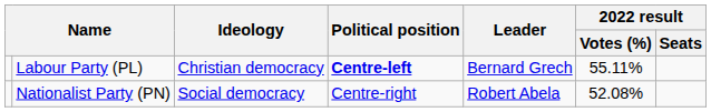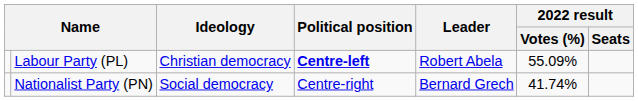 <table class="wikitable" style="text-align:left">
 <tr>
 <th colspan="2" rowspan="2">Name</th>
 <th rowspan="2">Ideology</th>
 <th rowspan="2">Political position</th>
 <th rowspan="2">Leader</th>
 <th colspan="2">2022 result</th>
 </tr>
 <tr>
 <th>Votes (%)</th>
 <th>Seats</th>
 </tr>
 <tr>
 <td style="background:"></td>
 <td><a href='#'>Labour Party</a> (PL)</td>
 <td><a href='#'>Christian democracy</a></td>
 <td><strong><a href='#'>Centre-left</a></strong></td>
-<td><a href='#'>Bernard Grech</a></td>
-<td style="text-align:center;">55.11%</td>
+<td><a href='#'>Robert Abela</a></td>
+<td style="text-align:center;">55.09%</td>
 <td></td>
 </tr>
 <tr>
 <td style="background:"></td>
 <td><a href='#'>Nationalist Party</a> (PN)</td>
 <td><a href='#'>Social democracy</a></td>
 <td><a href='#'>Centre-right</a></td>
-<td><a href='#'>Robert Abela</a></td>
-<td style="text-align:center;">52.08%</td>
+<td><a href='#'>Bernard Grech</a></td>
+<td style="text-align:center;">41.74%</td>
 <td></td>
 </tr>
 </table>
